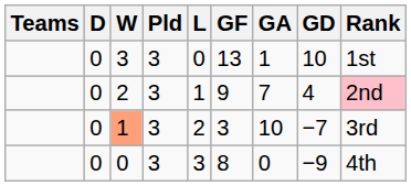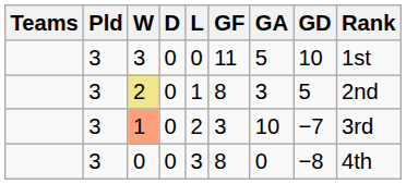 <table class="wikitable"  border="1" style="font-size:90%;" style="text-align:center;">
 <tr>
 <th>Teams</th>
+<th>Pld</th>
+<th>W</th>
 <th>D</th>
-<th>W</th>
-<th>Pld</th>
 <th>L</th>
 <th>GF</th>
 <th>GA</th>
 <th>GD</th>
 <th>Rank</th>
 </tr>
 <tr>
 <td></td>
-<td>0</td>
 <td>3</td>
 <td>3</td>
 <td>0</td>
-<td>13</td>
-<td>1</td>
+<td>0</td>
+<td>11</td>
+<td>5</td>
 <td>10</td>
 <td>1st</td>
 </tr>
 <tr>
 <td></td>
+<td>3</td>
+<td style="background: khaki;">2</td>
 <td>0</td>
-<td>2</td>
+<td>1</td>
+<td>8</td>
 <td>3</td>
-<td>1</td>
-<td>9</td>
-<td>7</td>
-<td>4</td>
-<td style="background: pink;">2nd</td>
+<td>5</td>
+<td>2nd</td>
 </tr>
 <tr>
 <td></td>
+<td>3</td>
+<td style="background: lightsalmon;">1</td>
 <td>0</td>
-<td style="background: lightsalmon;">1</td>
-<td>3</td>
 <td>2</td>
 <td>3</td>
 <td>10</td>
 <td>−7</td>
 <td>3rd</td>
 </tr>
 <tr>
 <td></td>
+<td>3</td>
 <td>0</td>
 <td>0</td>
 <td>3</td>
-<td>3</td>
 <td>8</td>
 <td>0</td>
-<td>−9</td>
+<td>−8</td>
 <td>4th</td>
 </tr>
 </table>
